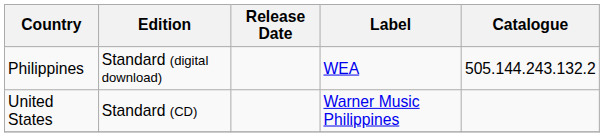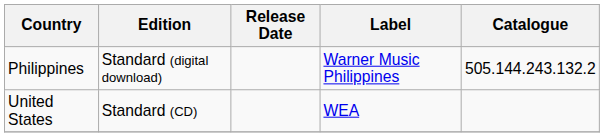 <table class="wikitable">
 <tr>
 <th>Country</th>
 <th>Edition</th>
 <th>Release Date</th>
 <th>Label</th>
 <th>Catalogue</th>
 </tr>
 <tr>
 <td>Philippines</td>
 <td>Standard <small>(digital download)</small></td>
 <td></td>
-<td><a href='#'>WEA</a></td>
+<td><a href='#'>Warner Music Philippines</a></td>
 <td>505.144.243.132.2</td>
 </tr>
 <tr>
 <td>United States</td>
 <td>Standard <small>(CD)</small></td>
 <td></td>
-<td><a href='#'>Warner Music Philippines</a></td>
+<td><a href='#'>WEA</a></td>
 <td></td>
 </tr>
 <tr>
 </tr>
 </table>
